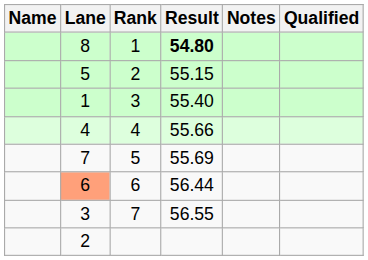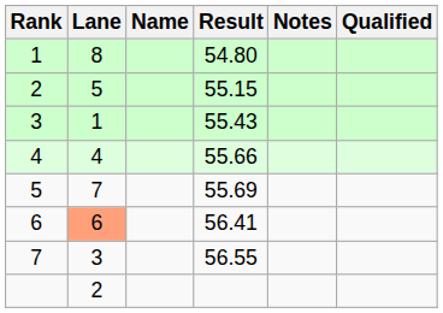 <table class="wikitable sortable" style="text-align:center">
 <tr>
+<th>Rank</th>
+<th>Lane</th>
 <th>Name</th>
-<th>Lane</th>
-<th>Rank</th>
 <th>Result</th>
 <th>Notes</th>
 <th>Qualified</th>
 </tr>
 <tr style="background:#cfc;">
+<td>1</td>
+<td>8</td>
 <td align="left"></td>
-<td>8</td>
-<td>1</td>
-<td><strong>54.80</strong></td>
+<td>54.80</td>
 <td></td>
 <td></td>
 </tr>
 <tr style="background:#cfc;">
+<td>2</td>
+<td>5</td>
 <td align="left"></td>
-<td>5</td>
-<td>2</td>
 <td>55.15</td>
 <td></td>
 <td></td>
 </tr>
 <tr style="background:#cfc;">
+<td>3</td>
+<td>1</td>
 <td align="left"></td>
-<td>1</td>
-<td>3</td>
-<td>55.40</td>
+<td>55.43</td>
 <td></td>
 <td></td>
 </tr>
 <tr style="background:#dfd;">
-<td align="left"></td>
 <td>4</td>
 <td>4</td>
+<td align="left"></td>
 <td>55.66</td>
 <td></td>
 <td></td>
 </tr>
 <tr>
+<td>5</td>
+<td>7</td>
 <td align="left"></td>
-<td>7</td>
-<td>5</td>
 <td>55.69</td>
 <td></td>
 <td></td>
 </tr>
 <tr>
+<td>6</td>
+<td style="background: lightsalmon;">6</td>
 <td align="left"></td>
-<td style="background: lightsalmon;">6</td>
-<td>6</td>
-<td>56.44</td>
+<td>56.41</td>
 <td></td>
 <td></td>
 </tr>
 <tr>
+<td>7</td>
+<td>3</td>
 <td align="left"></td>
-<td>3</td>
-<td>7</td>
 <td>56.55</td>
 <td></td>
 <td></td>
 </tr>
 <tr>
+<td></td>
+<td>2</td>
 <td align="left"></td>
-<td>2</td>
-<td></td>
 <td></td>
 <td></td>
 <td></td>
 </tr>
 </table>
